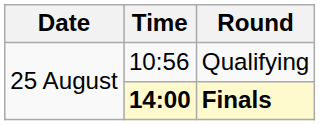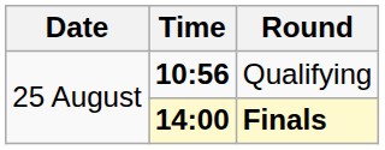 <table class="wikitable">
 <tr>
 <th>Date</th>
 <th>Time</th>
 <th>Round</th>
 </tr>
 <tr>
 <td rowspan=2>25 August</td>
-<td>10:56</td>
+<td><strong>10:56</strong></td>
 <td>Qualifying</td>
 </tr>
 <tr style="background:lemonchiffon">
 <td><strong>14:00</strong></td>
 <td><strong>Finals</strong></td>
 </tr>
 </table>
